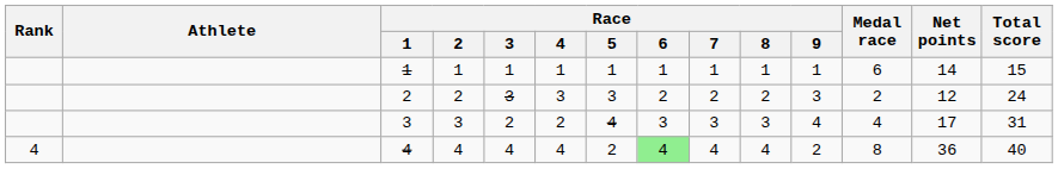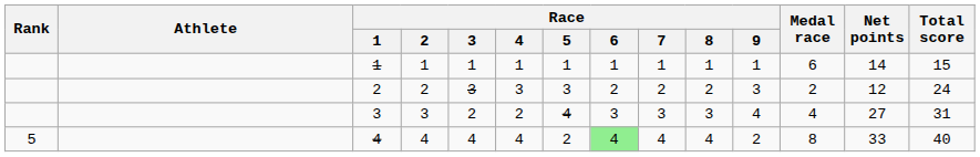 <table | class="wikitable Sortable" style="text-align:center">
 <tr>
 <th rowspan="2" width=40>Rank</th>
 <th rowspan="2" width=250>Athlete</th>
 <th colspan="9">Race</th>
 <th rowspan="2" width=50>Medal race</th>
 <th rowspan="2" width=50>Net points</th>
 <th rowspan="2" width=50>Total score</th>
 </tr>
 <tr>
 <th width=35>1</th>
 <th width=35>2</th>
 <th width=35>3</th>
 <th width=35>4</th>
 <th width=35>5</th>
 <th width=35>6</th>
 <th width=35>7</th>
 <th width=35>8</th>
 <th width=35>9</th>
 </tr>
 <tr>
 <td></td>
 <td align=left></td>
 <td><s>1</s></td>
 <td>1</td>
 <td>1</td>
 <td>1</td>
 <td>1</td>
 <td>1</td>
 <td>1</td>
 <td>1</td>
 <td>1</td>
 <td>6</td>
 <td>14</td>
 <td>15</td>
 </tr>
 <tr>
 <td></td>
 <td align=left></td>
 <td>2</td>
 <td>2</td>
 <td><s>3</s></td>
 <td>3</td>
 <td>3</td>
 <td>2</td>
 <td>2</td>
 <td>2</td>
 <td>3</td>
 <td>2</td>
 <td>12</td>
 <td>24</td>
 </tr>
 <tr>
 <td></td>
 <td align=left></td>
 <td>3</td>
 <td>3</td>
 <td>2</td>
 <td>2</td>
 <td><s>4</s></td>
 <td>3</td>
 <td>3</td>
 <td>3</td>
 <td>4</td>
 <td>4</td>
-<td>17</td>
+<td>27</td>
 <td>31</td>
 </tr>
 <tr>
-<td>4</td>
+<td>5</td>
 <td align=left></td>
 <td><s>4</s></td>
 <td>4</td>
 <td>4</td>
 <td>4</td>
 <td>2</td>
 <td style="background: lightgreen;">4</td>
 <td>4</td>
 <td>4</td>
 <td>2</td>
 <td>8</td>
-<td>36</td>
+<td>33</td>
 <td>40</td>
 </tr>
 </table>
